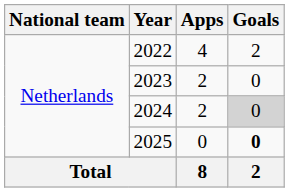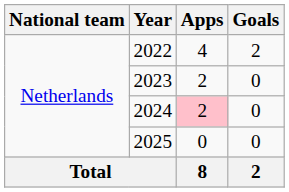 <table class="wikitable" style="text-align:center">
 <tr>
 <th>National team</th>
 <th>Year</th>
 <th>Apps</th>
 <th>Goals</th>
 </tr>
 <tr>
 <td rowspan="4"><a href='#'>Netherlands</a></td>
 <td>2022</td>
 <td>4</td>
 <td>2</td>
 </tr>
 <tr>
 <td>2023</td>
 <td>2</td>
 <td>0</td>
 </tr>
 <tr>
 <td>2024</td>
-<td>2</td>
-<td style="background: lightgrey;">0</td>
+<td style="background: pink;">2</td>
+<td>0</td>
 </tr>
 <tr>
 <td>2025</td>
 <td>0</td>
-<td><strong>0</strong></td>
+<td>0</td>
 </tr>
 <tr>
 <th colspan="2">Total</th>
 <th>8</th>
 <th>2</th>
 </tr>
 </table>
